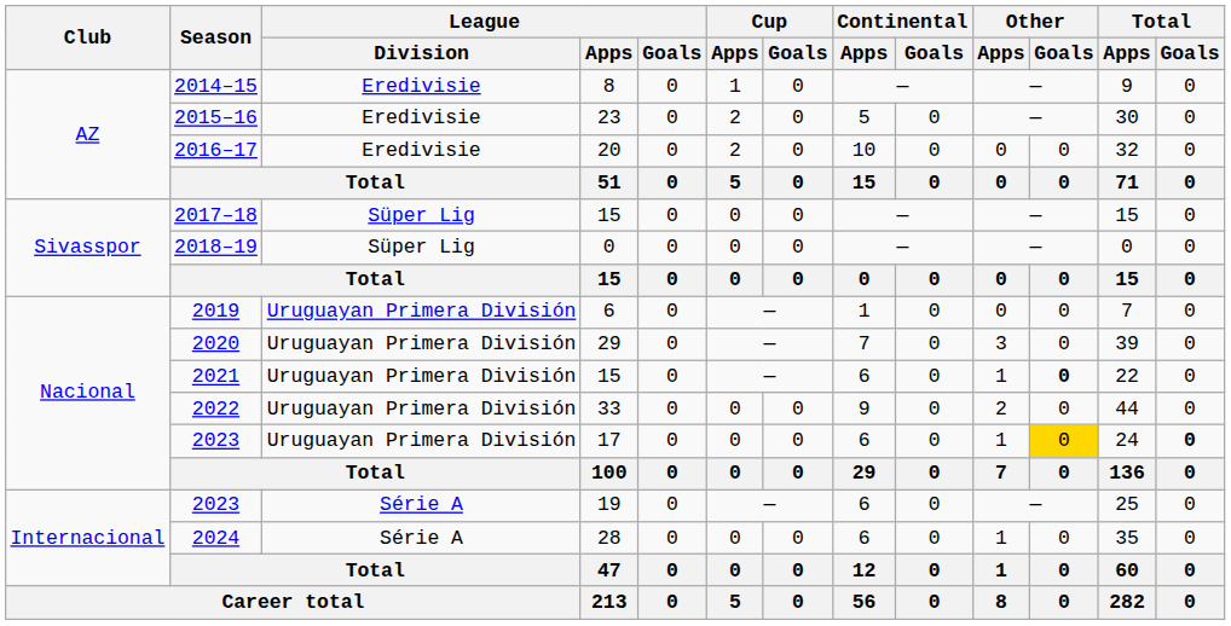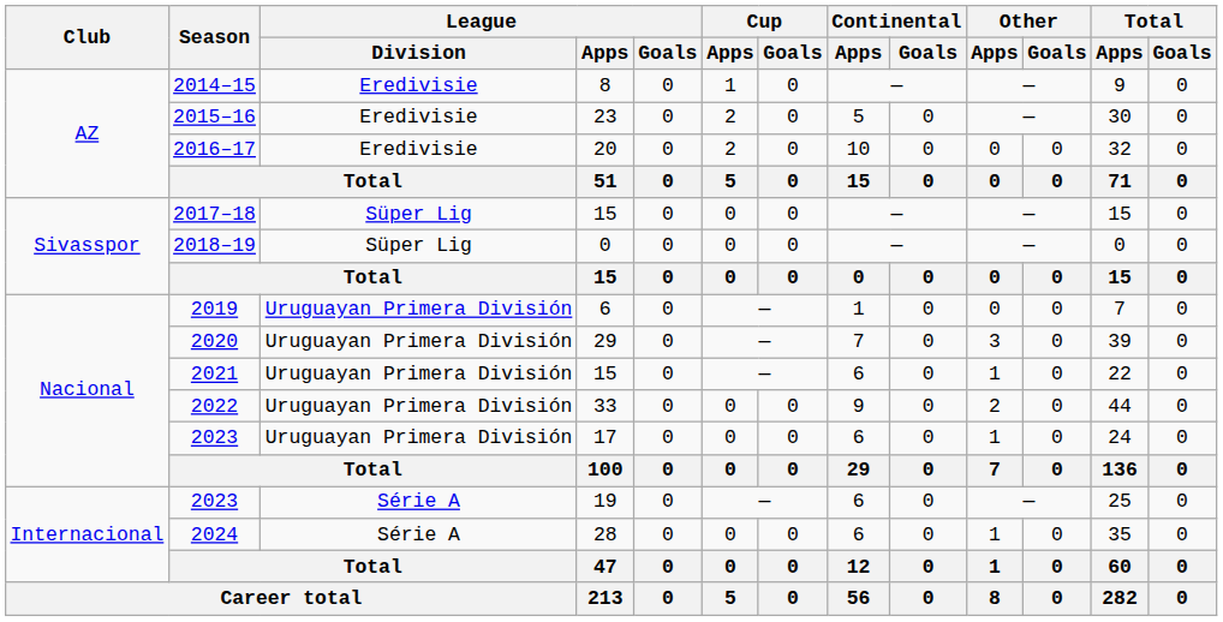 <table class="wikitable" Style="text-align: center">
 <tr>
 <th rowspan="2">Club</th>
 <th rowspan="2">Season</th>
 <th colspan="3">League</th>
 <th colspan="2">Cup</th>
 <th colspan="2">Continental</th>
 <th colspan="2">Other</th>
 <th colspan="2">Total</th>
 </tr>
 <tr>
 <th>Division</th>
 <th>Apps</th>
 <th>Goals</th>
 <th>Apps</th>
 <th>Goals</th>
 <th>Apps</th>
 <th>Goals</th>
 <th>Apps</th>
 <th>Goals</th>
 <th>Apps</th>
 <th>Goals</th>
 </tr>
 <tr>
 <td rowspan="4"><a href='#'>AZ</a></td>
 <td><a href='#'>2014–15</a></td>
 <td><a href='#'>Eredivisie</a></td>
 <td>8</td>
 <td>0</td>
 <td>1</td>
 <td>0</td>
 <td colspan="2">—</td>
 <td colspan="2">—</td>
 <td>9</td>
 <td>0</td>
 </tr>
 <tr>
 <td><a href='#'>2015–16</a></td>
 <td>Eredivisie</td>
 <td>23</td>
 <td>0</td>
 <td>2</td>
 <td>0</td>
 <td>5</td>
 <td>0</td>
 <td colspan="2">—</td>
 <td>30</td>
 <td>0</td>
 </tr>
 <tr>
 <td><a href='#'>2016–17</a></td>
 <td>Eredivisie</td>
 <td>20</td>
 <td>0</td>
 <td>2</td>
 <td>0</td>
 <td>10</td>
 <td>0</td>
 <td>0</td>
 <td>0</td>
 <td>32</td>
 <td>0</td>
 </tr>
 <tr>
 <th colspan="2">Total</th>
 <th>51</th>
 <th>0</th>
 <th>5</th>
 <th>0</th>
 <th>15</th>
 <th>0</th>
 <th>0</th>
 <th>0</th>
 <th>71</th>
 <th>0</th>
 </tr>
 <tr>
 <td rowspan="3"><a href='#'>Sivasspor</a></td>
 <td><a href='#'>2017–18</a></td>
 <td><a href='#'>Süper Lig</a></td>
 <td>15</td>
 <td>0</td>
 <td>0</td>
 <td>0</td>
 <td colspan="2">—</td>
 <td colspan="2">—</td>
 <td>15</td>
 <td>0</td>
 </tr>
 <tr>
 <td><a href='#'>2018–19</a></td>
 <td>Süper Lig</td>
 <td>0</td>
 <td>0</td>
 <td>0</td>
 <td>0</td>
 <td colspan="2">—</td>
 <td colspan="2">—</td>
 <td>0</td>
 <td>0</td>
 </tr>
 <tr>
 <th colspan="2">Total</th>
 <th>15</th>
 <th>0</th>
 <th>0</th>
 <th>0</th>
 <th>0</th>
 <th>0</th>
 <th>0</th>
 <th>0</th>
 <th>15</th>
 <th>0</th>
 </tr>
 <tr>
 <td rowspan="6"><a href='#'>Nacional</a></td>
 <td><a href='#'>2019</a></td>
 <td><a href='#'>Uruguayan Primera División</a></td>
 <td>6</td>
 <td>0</td>
 <td colspan="2">—</td>
 <td>1</td>
 <td>0</td>
 <td>0</td>
 <td>0</td>
 <td>7</td>
 <td>0</td>
 </tr>
 <tr>
 <td><a href='#'>2020</a></td>
 <td>Uruguayan Primera División</td>
 <td>29</td>
 <td>0</td>
 <td colspan="2">—</td>
 <td>7</td>
 <td>0</td>
 <td>3</td>
 <td>0</td>
 <td>39</td>
 <td>0</td>
 </tr>
 <tr>
 <td><a href='#'>2021</a></td>
 <td>Uruguayan Primera División</td>
 <td>15</td>
 <td>0</td>
 <td colspan="2">—</td>
 <td>6</td>
 <td>0</td>
 <td>1</td>
-<td><strong>0</strong></td>
+<td>0</td>
 <td>22</td>
 <td>0</td>
 </tr>
 <tr>
 <td><a href='#'>2022</a></td>
 <td>Uruguayan Primera División</td>
 <td>33</td>
 <td>0</td>
 <td>0</td>
 <td>0</td>
 <td>9</td>
 <td>0</td>
 <td>2</td>
 <td>0</td>
 <td>44</td>
 <td>0</td>
 </tr>
 <tr>
 <td><a href='#'>2023</a></td>
 <td>Uruguayan Primera División</td>
 <td>17</td>
 <td>0</td>
 <td>0</td>
 <td>0</td>
 <td>6</td>
 <td>0</td>
 <td>1</td>
-<td style="background: gold;">0</td>
+<td>0</td>
 <td>24</td>
-<td><strong>0</strong></td>
+<td>0</td>
 </tr>
 <tr>
 <th colspan="2">Total</th>
 <th>100</th>
 <th>0</th>
 <th>0</th>
 <th>0</th>
 <th>29</th>
 <th>0</th>
 <th>7</th>
 <th>0</th>
 <th>136</th>
 <th>0</th>
 </tr>
 <tr>
 <td rowspan="3"><a href='#'>Internacional</a></td>
 <td><a href='#'>2023</a></td>
 <td><a href='#'>Série A</a></td>
 <td>19</td>
 <td>0</td>
 <td colspan="2">—</td>
 <td>6</td>
 <td>0</td>
 <td colspan="2">—</td>
 <td>25</td>
 <td>0</td>
 </tr>
 <tr>
 <td><a href='#'>2024</a></td>
 <td>Série A</td>
 <td>28</td>
 <td>0</td>
 <td>0</td>
 <td>0</td>
 <td>6</td>
 <td>0</td>
 <td>1</td>
 <td>0</td>
 <td>35</td>
 <td>0</td>
 </tr>
 <tr>
 <th colspan="2">Total</th>
 <th>47</th>
 <th>0</th>
 <th>0</th>
 <th>0</th>
 <th>12</th>
 <th>0</th>
 <th>1</th>
 <th>0</th>
 <th>60</th>
 <th>0</th>
 </tr>
 <tr>
 <th colspan="3">Career total</th>
 <th>213</th>
 <th>0</th>
 <th>5</th>
 <th>0</th>
 <th>56</th>
 <th>0</th>
 <th>8</th>
 <th>0</th>
 <th>282</th>
 <th>0</th>
 </tr>
 </table>
